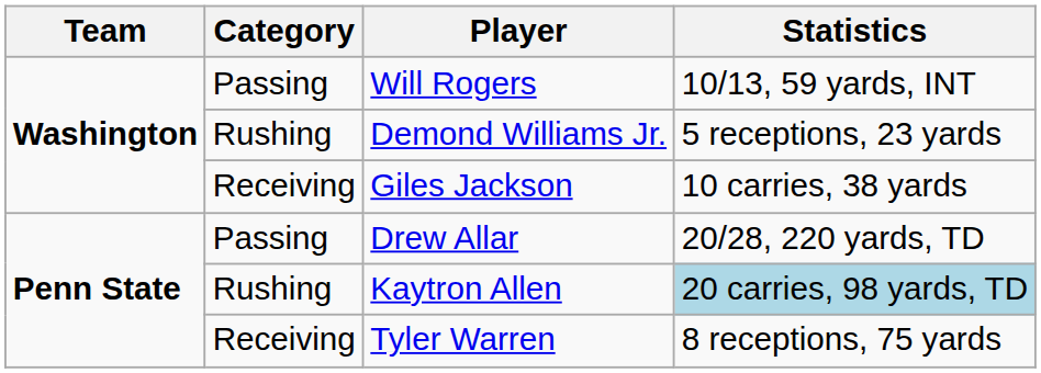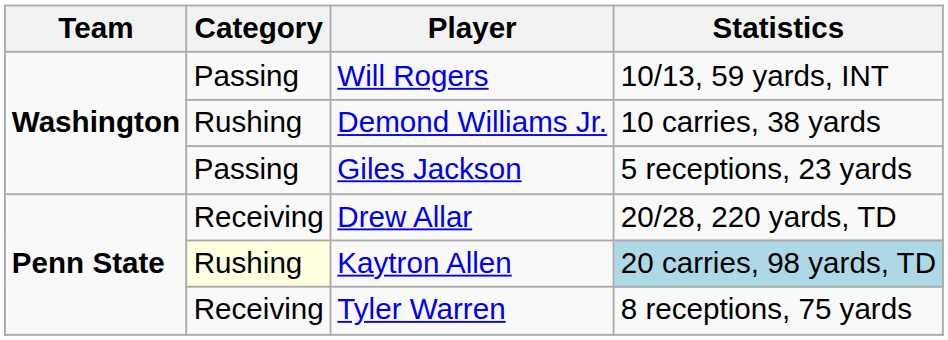 <table class="wikitable" style="float: right;">
 <tr>
 <th>Team</th>
 <th>Category</th>
 <th>Player</th>
 <th>Statistics</th>
 </tr>
 <tr>
 <td rowspan=3><strong>Washington</strong></td>
 <td>Passing</td>
 <td><a href='#'>Will Rogers</a></td>
 <td>10/13, 59 yards, INT</td>
 </tr>
 <tr>
 <td>Rushing</td>
 <td><a href='#'>Demond Williams Jr.</a></td>
+<td>10 carries, 38 yards</td>
+</tr>
+<tr>
+<td>Passing</td>
+<td><a href='#'>Giles Jackson</a></td>
 <td>5 receptions, 23 yards</td>
 </tr>
 <tr>
+<td rowspan=3><strong>Penn State</strong></td>
 <td>Receiving</td>
-<td><a href='#'>Giles Jackson</a></td>
-<td>10 carries, 38 yards</td>
-</tr>
-<tr>
-<td rowspan=3><strong>Penn State</strong></td>
-<td>Passing</td>
 <td><a href='#'>Drew Allar</a></td>
 <td>20/28, 220 yards, TD</td>
 </tr>
 <tr>
-<td>Rushing</td>
+<td style="background: lightyellow;">Rushing</td>
 <td><a href='#'>Kaytron Allen</a></td>
 <td style="background: lightblue;">20 carries, 98 yards, TD</td>
 </tr>
 <tr>
 <td>Receiving</td>
 <td><a href='#'>Tyler Warren</a></td>
 <td>8 receptions, 75 yards</td>
 </tr>
 </table>
